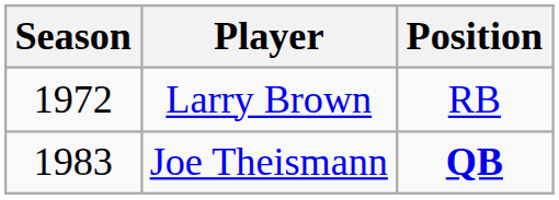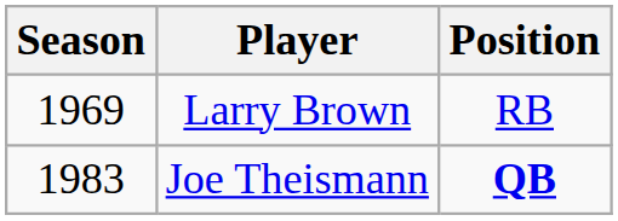 <table class="wikitable" style="text-align:center">
 <tr>
 <th>Season</th>
 <th>Player</th>
 <th>Position</th>
 </tr>
 <tr>
-<td>1972</td>
+<td>1969</td>
 <td><a href='#'>Larry Brown</a></td>
 <td><a href='#'>RB</a></td>
 </tr>
 <tr>
 <td>1983</td>
 <td><a href='#'>Joe Theismann</a></td>
 <td><strong><a href='#'>QB</a></strong></td>
 </tr>
 </table>
